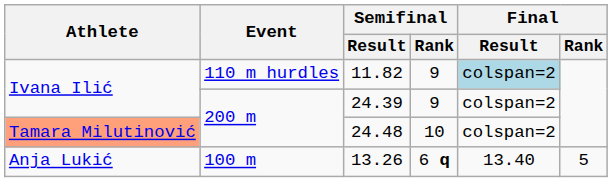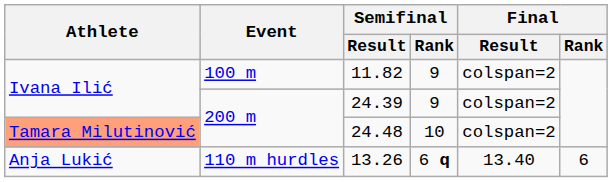 <table class="wikitable" style="font-size:90%">
 <tr>
 <th rowspan="2">Athlete</th>
 <th rowspan="2">Event</th>
 <th colspan="2">Semifinal</th>
 <th colspan="2">Final</th>
 </tr>
 <tr style="font-size:95%">
 <th>Result</th>
 <th>Rank</th>
 <th>Result</th>
 <th>Rank</th>
 </tr>
 <tr align=center>
 <td align=left rowspan=2><a href='#'>Ivana Ilić</a></td>
-<td align=left><a href='#'>110 m hurdles</a></td>
+<td align=left><a href='#'>100 m</a></td>
 <td>11.82</td>
 <td>9</td>
-<td style="background: lightblue;">colspan=2 </td>
+<td>colspan=2 </td>
 </tr>
 <tr align=center>
 <td align=left rowspan=2><a href='#'>200 m</a></td>
 <td>24.39</td>
 <td>9</td>
 <td>colspan=2 </td>
 </tr>
 <tr align=center>
 <td align=left style="background: lightsalmon;"><a href='#'>Tamara Milutinović</a></td>
 <td>24.48</td>
 <td>10</td>
 <td>colspan=2 </td>
 </tr>
 <tr align=center>
 <td align=left><a href='#'>Anja Lukić</a></td>
-<td align=left><a href='#'>100 m</a></td>
+<td align=left><a href='#'>110 m hurdles</a></td>
 <td>13.26</td>
 <td>6 <strong>q</strong></td>
 <td>13.40</td>
-<td>5</td>
+<td>6</td>
 </tr>
 </table>
